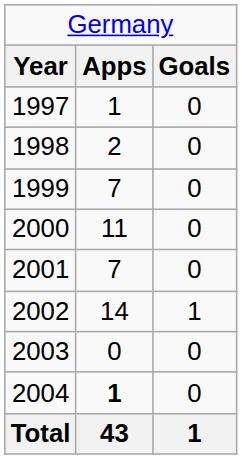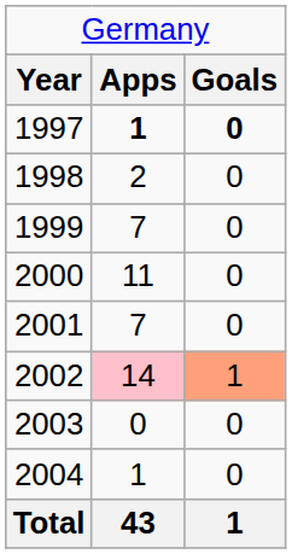 <table class="wikitable" style="text-align:center">
 <tr>
 <td colspan=3><a href='#'>Germany</a></td>
 </tr>
 <tr>
 <th>Year</th>
 <th>Apps</th>
 <th>Goals</th>
 </tr>
 <tr>
 <td>1997</td>
-<td>1</td>
-<td>0</td>
+<td><strong>1</strong></td>
+<td><strong>0</strong></td>
 </tr>
 <tr>
 <td>1998</td>
 <td>2</td>
 <td>0</td>
 </tr>
 <tr>
 <td>1999</td>
 <td>7</td>
 <td>0</td>
 </tr>
 <tr>
 <td>2000</td>
 <td>11</td>
 <td>0</td>
 </tr>
 <tr>
 <td>2001</td>
 <td>7</td>
 <td>0</td>
 </tr>
 <tr>
 <td>2002</td>
-<td>14</td>
-<td>1</td>
+<td style="background: pink;">14</td>
+<td style="background: lightsalmon;">1</td>
 </tr>
 <tr>
 <td>2003</td>
 <td>0</td>
 <td>0</td>
 </tr>
 <tr>
 <td>2004</td>
-<td><strong>1</strong></td>
+<td>1</td>
 <td>0</td>
 </tr>
 <tr>
 <th>Total</th>
 <th>43</th>
 <th>1</th>
 </tr>
 </table>
